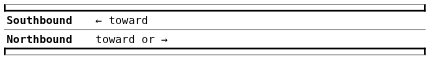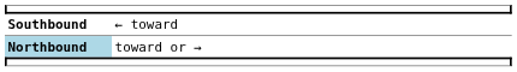 <table border=0 cellspacing=0 cellpadding=3>
 <tr>
 <td style="border-top:solid 1px gray;border-right:solid 2px black;border-left:solid 2px black;border-bottom:solid 2px black;text-align:center;" colspan=2></td>
 </tr>
 <tr>
 <td style="border-bottom:solid 1px gray;" width=100><strong>Southbound</strong></td>
 <td style="border-bottom:solid 1px gray;" width=390>←   toward  </td>
 </tr>
 <tr>
-<td><strong>Northbound</strong></td>
+<td style="background: lightblue;"><strong>Northbound</strong></td>
 <td>   toward  or   →</td>
 </tr>
 <tr>
 <td style="border-top:solid 2px black;border-right:solid 2px black;border-left:solid 2px black;border-bottom:solid 1px gray;text-align:center;" colspan=2></td>
 </tr>
 </table>
